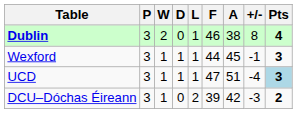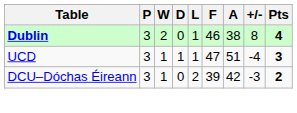 <table class="wikitable">
 <tr>
 <th>Table</th>
 <th>P</th>
 <th>W</th>
 <th>D</th>
 <th>L</th>
 <th>F</th>
 <th>A</th>
 <th>+/-</th>
 <th>Pts</th>
 </tr>
 <tr style="text-align:Center; background:#cfc;">
 <td align=left> <strong><a href='#'>Dublin</a></strong></td>
 <td>3</td>
 <td>2</td>
 <td>0</td>
 <td>1</td>
 <td>46</td>
 <td>38</td>
 <td>8</td>
 <td><strong>4</strong></td>
 </tr>
 <tr style="text-align:Center;">
-<td align=left> <a href='#'>Wexford</a></td>
-<td>3</td>
-<td>1</td>
-<td>1</td>
-<td>1</td>
-<td>44</td>
-<td>45</td>
-<td>-1</td>
-<td><strong>3</strong></td>
-</tr>
-<tr style="text-align:Center;">
 <td align=left> <a href='#'>UCD</a></td>
 <td>3</td>
 <td>1</td>
 <td>1</td>
 <td>1</td>
 <td>47</td>
 <td>51</td>
 <td>-4</td>
-<td style="background: lightblue;"><strong>3</strong></td>
+<td><strong>3</strong></td>
 </tr>
 <tr style="text-align:Center;">
 <td align=left> <a href='#'>DCU–Dóchas Éireann</a></td>
 <td>3</td>
 <td>1</td>
 <td>0</td>
 <td>2</td>
 <td>39</td>
 <td>42</td>
 <td>-3</td>
 <td><strong>2</strong></td>
 </tr>
 </table>
